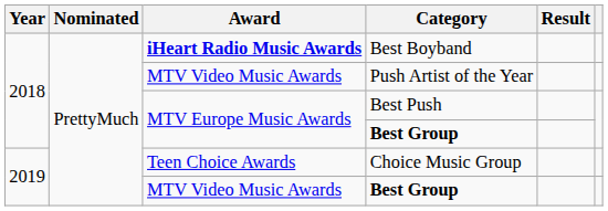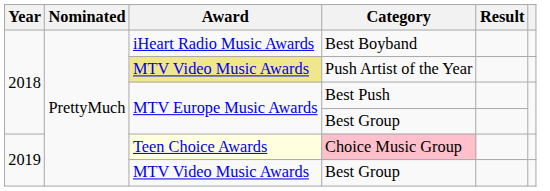 <table class="wikitable">
 <tr>
 <th scope="col">Year</th>
 <th scope="col">Nominated</th>
 <th scope="col">Award</th>
 <th scope="col">Category</th>
 <th scope="col">Result</th>
 <th scope="col"></th>
 </tr>
 <tr>
 <td rowspan="4">2018</td>
 <td rowspan="6">PrettyMuch</td>
-<td><strong><a href='#'>iHeart Radio Music Awards</a></strong></td>
+<td><a href='#'>iHeart Radio Music Awards</a></td>
 <td>Best Boyband</td>
 <td></td>
 <td align="center"></td>
 </tr>
 <tr>
-<td><a href='#'>MTV Video Music Awards</a></td>
+<td style="background: khaki;"><a href='#'>MTV Video Music Awards</a></td>
 <td>Push Artist of the Year</td>
 <td></td>
 <td align="center"></td>
 </tr>
 <tr>
 <td rowspan="2"><a href='#'>MTV Europe Music Awards</a></td>
 <td>Best Push</td>
 <td></td>
 <td rowspan="2" align="center"></td>
 </tr>
 <tr>
-<td><strong>Best Group</strong></td>
+<td>Best Group</td>
 <td></td>
 </tr>
 <tr>
 <td rowspan="2">2019</td>
-<td><a href='#'>Teen Choice Awards</a></td>
-<td>Choice Music Group</td>
+<td style="background: lightyellow;"><a href='#'>Teen Choice Awards</a></td>
+<td style="background: pink;">Choice Music Group</td>
 <td></td>
 <td align="center"></td>
 </tr>
 <tr>
 <td><a href='#'>MTV Video Music Awards</a></td>
-<td><strong>Best Group</strong></td>
+<td>Best Group</td>
 <td></td>
 <td align="center"></td>
 </tr>
 </table>
